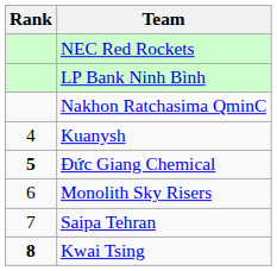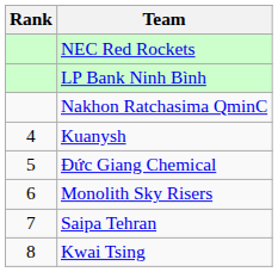 <table class="wikitable" style="text-align:center;">
 <tr>
 <th>Rank</th>
 <th>Team</th>
 </tr>
 <tr bgcolor=#CCFFCC>
 <td></td>
 <td style="text-align:left"> <a href='#'>NEC Red Rockets</a></td>
 </tr>
 <tr bgcolor=#CCFFCC>
 <td></td>
 <td style="text-align:left"> <a href='#'>LP Bank Ninh Bình</a></td>
 </tr>
 <tr>
 <td></td>
 <td style="text-align:left"> <a href='#'>Nakhon Ratchasima QminC</a></td>
 </tr>
 <tr>
 <td>4</td>
 <td style="text-align:left"> <a href='#'>Kuanysh</a></td>
 </tr>
 <tr>
-<td><strong>5</strong></td>
+<td>5</td>
 <td style="text-align:left"> <a href='#'>Đức Giang Chemical</a></td>
 </tr>
 <tr>
 <td>6</td>
 <td style="text-align:left"> <a href='#'>Monolith Sky Risers</a></td>
 </tr>
 <tr>
 <td>7</td>
 <td style="text-align:left"> <a href='#'>Saipa Tehran</a></td>
 </tr>
 <tr>
-<td><strong>8</strong></td>
+<td>8</td>
 <td style="text-align:left"> <a href='#'>Kwai Tsing</a></td>
 </tr>
 </table>
